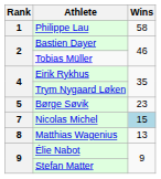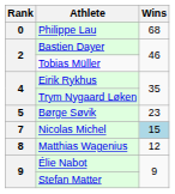 <table class="wikitable" style="font-size: 90%;">
 <tr>
 <th>Rank</th>
 <th>Athlete</th>
 <th>Wins</th>
 </tr>
 <tr>
-<th>1</th>
+<th>0</th>
 <td style="background:#dfffdf;"> <a href='#'>Philippe Lau</a></td>
-<td align="center">58</td>
+<td align="center">68</td>
 </tr>
 <tr>
 <th rowspan="2">2</th>
 <td style="background:#dfffdf;"> <a href='#'>Bastien Dayer</a></td>
 <td align="center"  rowspan="2">46</td>
 </tr>
 <tr>
 <td> <a href='#'>Tobias Müller</a></td>
 </tr>
 <tr>
 <th rowspan="2">4</th>
 <td style="background:#dfffdf;"> <a href='#'>Eirik Rykhus</a></td>
 <td rowspan="2" align="center">35</td>
 </tr>
 <tr>
 <td style="background:#dfffdf;"> <a href='#'>Trym Nygaard Løken</a></td>
 </tr>
 <tr>
 <th>5</th>
 <td style="background:#dfffdf;"> <a href='#'>Børge Søvik</a></td>
 <td align="center">23</td>
 </tr>
 <tr>
 <th>7</th>
 <td style="background:#dfffdf;"> <a href='#'>Nicolas Michel</a></td>
 <td align="center" style="background: lightblue;">15</td>
 </tr>
 <tr>
 <th>8</th>
 <td style="background:#dfffdf;"> <a href='#'>Matthias Wagenius</a></td>
-<td align="center">13</td>
+<td align="center">12</td>
 </tr>
 <tr>
 <th rowspan="2">9</th>
 <td style="background:#dfffdf;"> <a href='#'>Élie Nabot</a></td>
 <td align="center" rowspan="2">9</td>
 </tr>
 <tr>
 <td style="background:#dfffdf;"> <a href='#'>Stefan Matter</a></td>
 </tr>
 </table>
